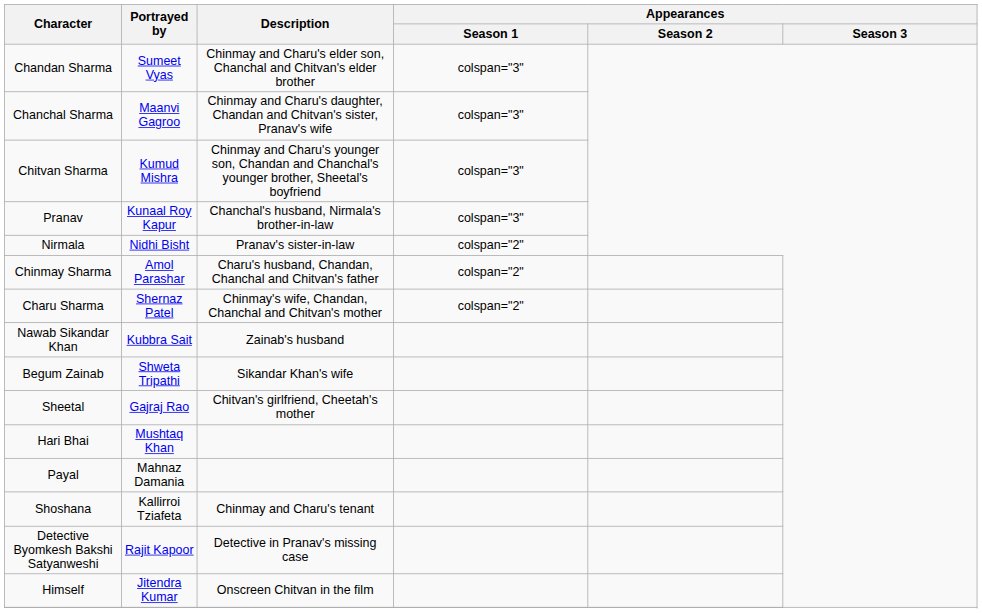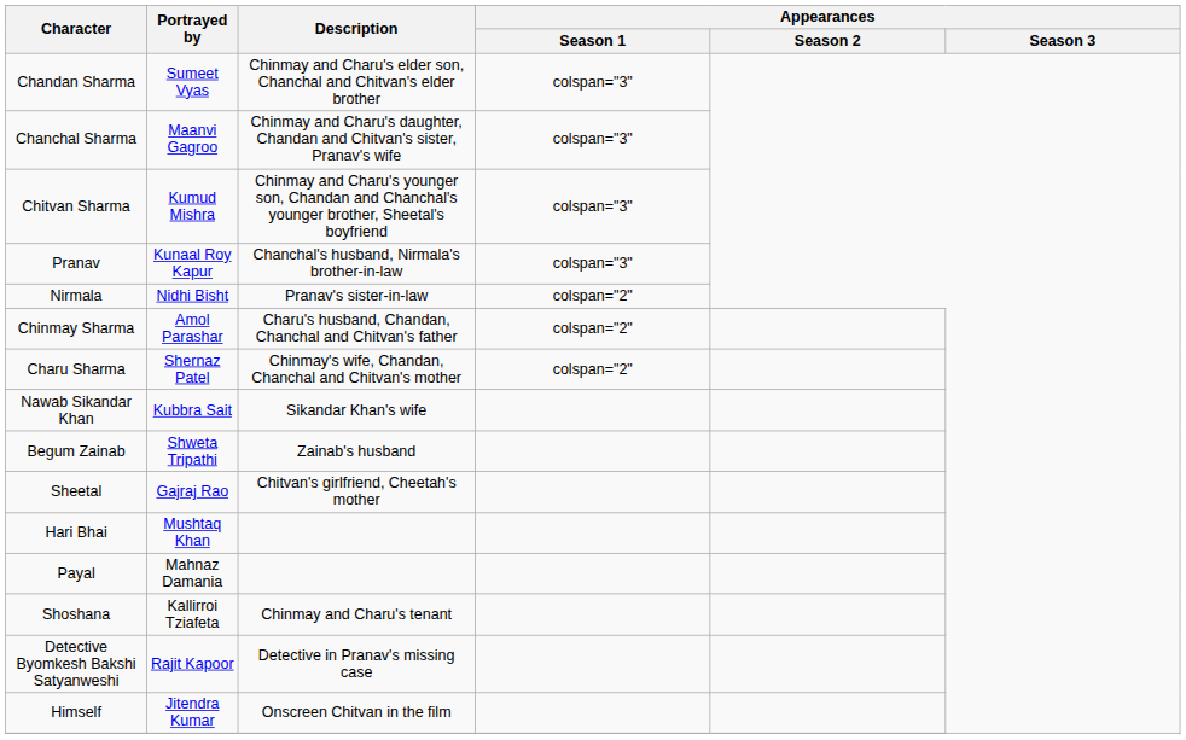 <table class="wikitable" style="text-align:center; width:auto">
 <tr>
 <th scope="col" rowspan="2">Character</th>
 <th scope="col" rowspan="2">Portrayed by</th>
 <th scope="col" rowspan="2">Description</th>
 <th scope="col" colspan="3">Appearances</th>
 </tr>
 <tr>
 <th scope="col" style="width:20%;">Season 1</th>
 <th scope="col" style="width:20%;">Season 2</th>
 <th scope="col" style="width:20%;">Season 3</th>
 </tr>
 <tr>
 <td>Chandan Sharma</td>
 <td><a href='#'>Sumeet Vyas</a></td>
 <td>Chinmay and Charu's elder son, Chanchal and Chitvan's elder brother</td>
 <td>colspan="3" </td>
 </tr>
 <tr>
 <td>Chanchal Sharma</td>
 <td><a href='#'>Maanvi Gagroo</a></td>
 <td>Chinmay and Charu's daughter, Chandan and Chitvan's sister, Pranav's wife</td>
 <td>colspan="3" </td>
 </tr>
 <tr>
 <td>Chitvan Sharma</td>
 <td><a href='#'>Kumud Mishra</a></td>
 <td>Chinmay and Charu's younger son, Chandan and Chanchal's younger brother, Sheetal's boyfriend</td>
 <td>colspan="3" </td>
 </tr>
 <tr>
 <td>Pranav</td>
 <td><a href='#'>Kunaal Roy Kapur</a></td>
 <td>Chanchal's husband, Nirmala's brother-in-law</td>
 <td>colspan="3" </td>
 </tr>
 <tr>
 <td>Nirmala</td>
 <td><a href='#'>Nidhi Bisht</a></td>
 <td>Pranav's sister-in-law</td>
 <td>colspan="2" </td>
 </tr>
 <tr>
 <td>Chinmay Sharma</td>
 <td><a href='#'>Amol Parashar</a></td>
 <td>Charu's husband, Chandan, Chanchal and Chitvan's father</td>
 <td>colspan="2" </td>
 <td></td>
 </tr>
 <tr>
 <td>Charu Sharma</td>
 <td><a href='#'>Shernaz Patel</a></td>
 <td>Chinmay's wife, Chandan, Chanchal and Chitvan's mother</td>
 <td>colspan="2" </td>
 <td></td>
 </tr>
 <tr>
 <td>Nawab Sikandar Khan</td>
 <td><a href='#'>Kubbra Sait</a></td>
-<td>Zainab's husband</td>
+<td>Sikandar Khan's wife</td>
 <td></td>
 <td></td>
 </tr>
 <tr>
 <td>Begum Zainab</td>
 <td><a href='#'>Shweta Tripathi</a></td>
-<td>Sikandar Khan's wife</td>
+<td>Zainab's husband</td>
 <td></td>
 <td></td>
 </tr>
 <tr>
 <td>Sheetal</td>
 <td><a href='#'>Gajraj Rao</a></td>
 <td>Chitvan's girlfriend, Cheetah's mother</td>
 <td></td>
 <td></td>
 </tr>
 <tr>
 <td>Hari Bhai</td>
 <td><a href='#'>Mushtaq Khan</a></td>
 <td></td>
 <td></td>
 <td></td>
 </tr>
 <tr>
 <td>Payal</td>
 <td>Mahnaz Damania</td>
 <td></td>
 <td></td>
 <td></td>
 </tr>
 <tr>
 <td>Shoshana</td>
 <td>Kallirroi Tziafeta</td>
 <td>Chinmay and Charu's tenant</td>
 <td></td>
 <td></td>
 </tr>
 <tr>
 <td>Detective Byomkesh Bakshi Satyanweshi</td>
 <td><a href='#'>Rajit Kapoor</a></td>
 <td>Detective in Pranav's missing case</td>
 <td></td>
 <td></td>
 </tr>
 <tr>
 <td>Himself</td>
 <td><a href='#'>Jitendra Kumar</a></td>
 <td>Onscreen Chitvan in the film</td>
 <td></td>
 <td></td>
 </tr>
 <tr>
 </tr>
 </table>
